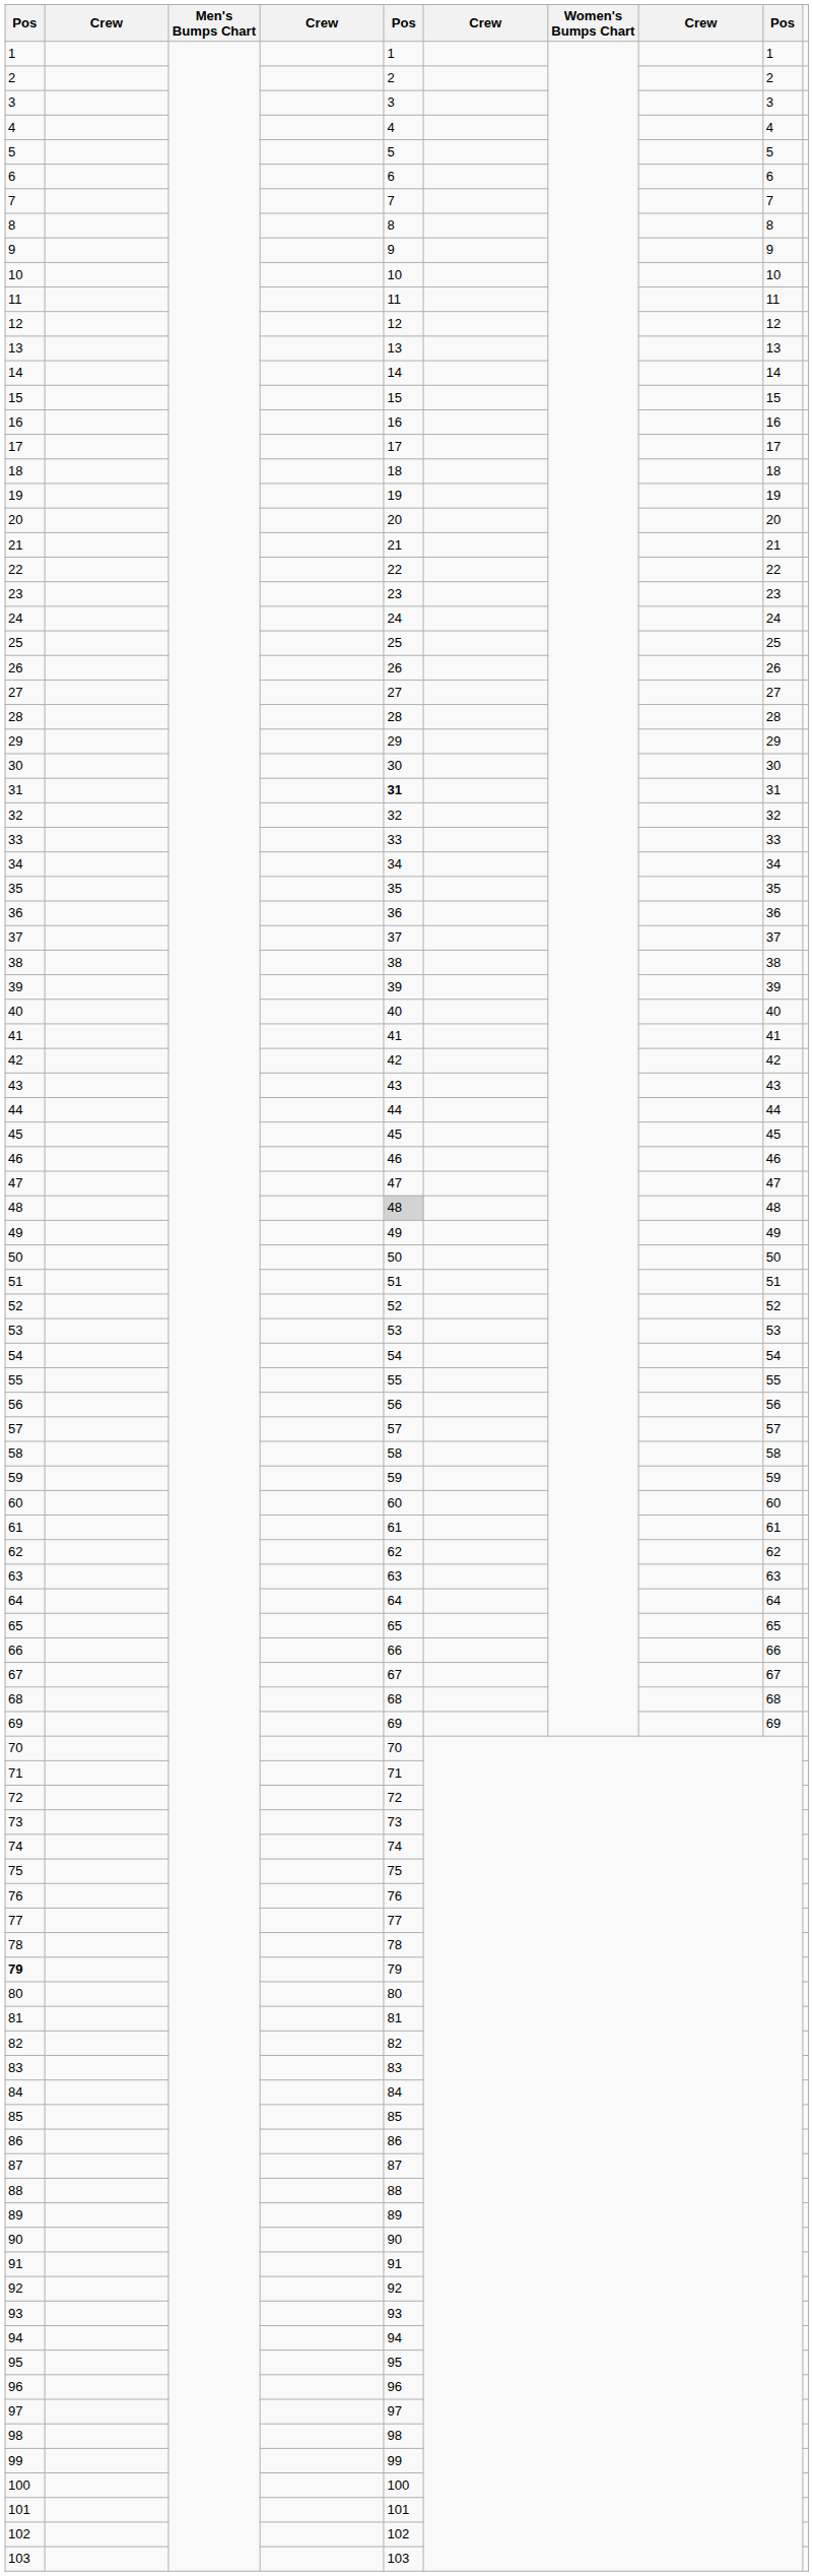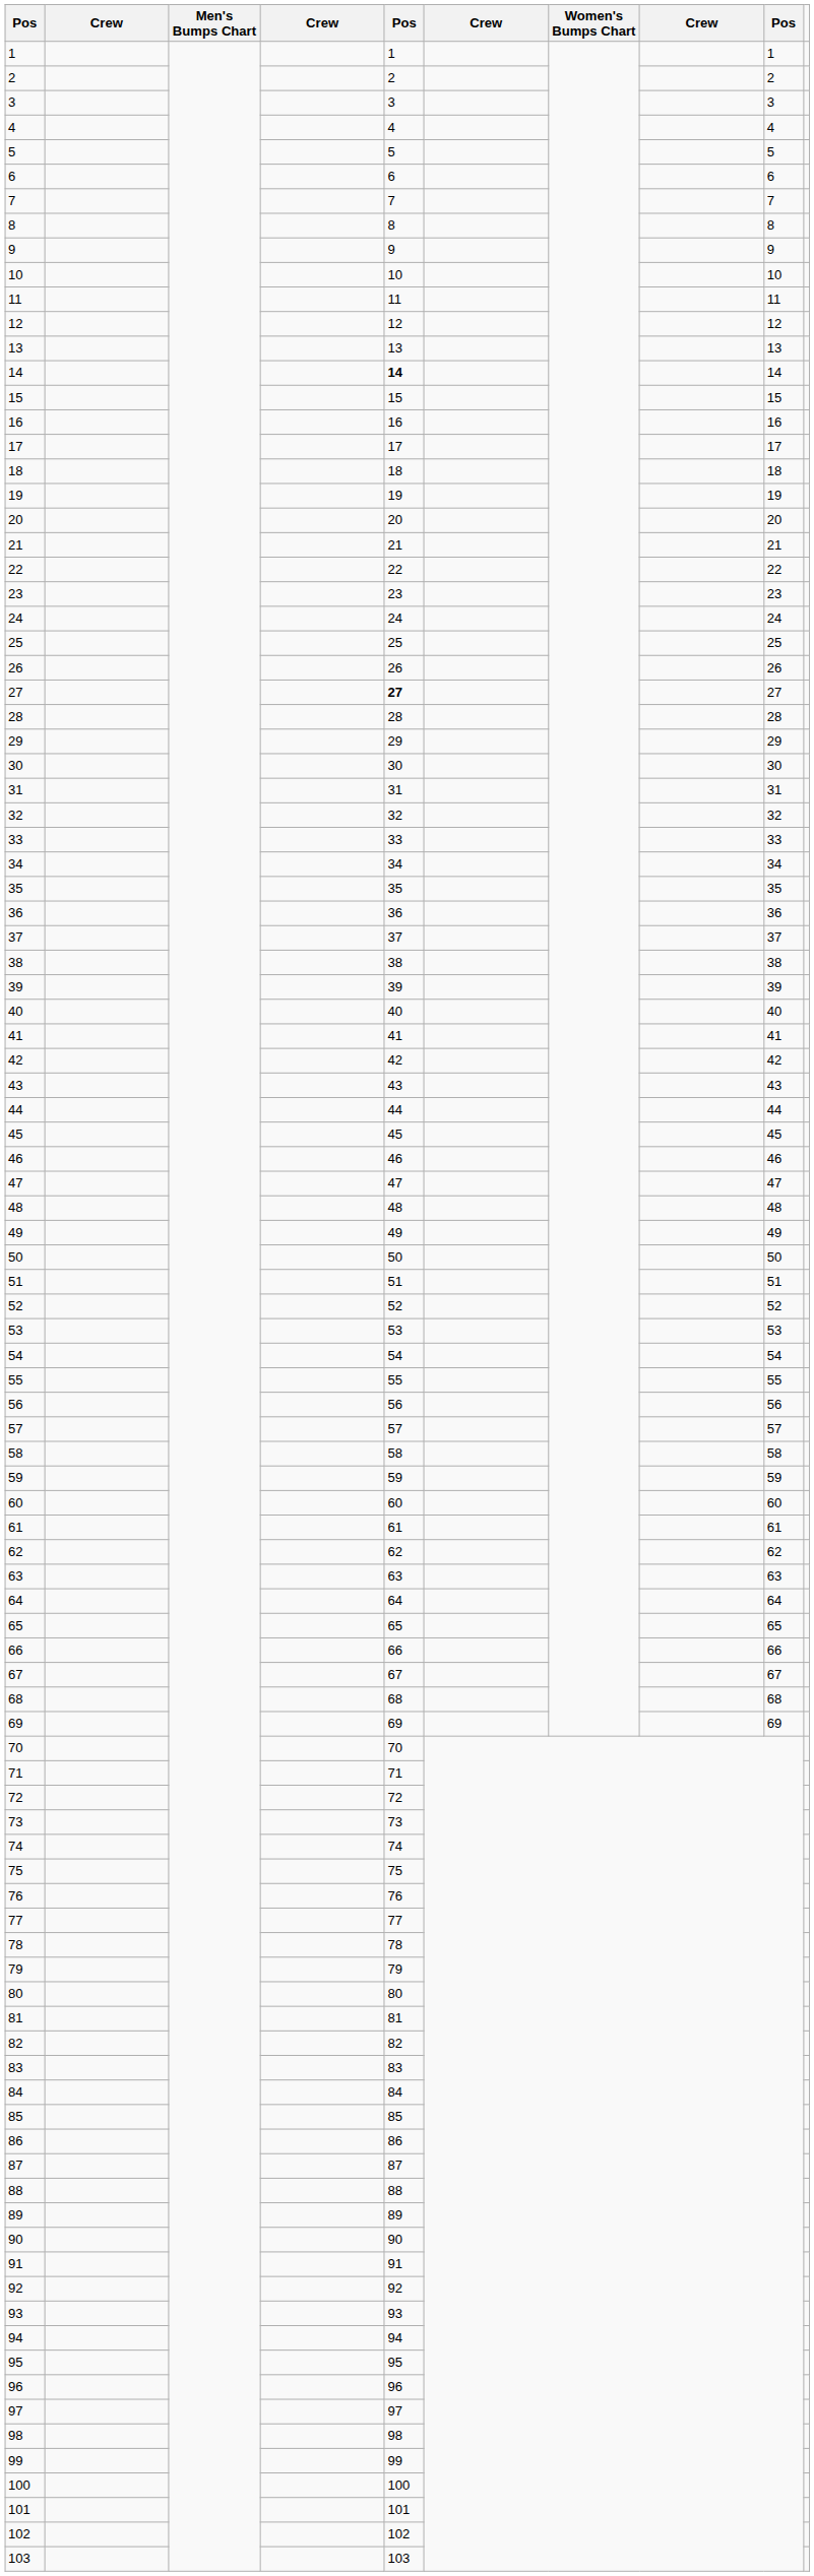 <table class="wikitable" style="font-size:88%; white-space:nowrap; margin:0.5em auto">
 <tr style="white-space:normal">
 <th width=35>Pos</th>
 <th width=125>Crew</th>
 <th width=90>Men's Bumps Chart</th>
 <th width=125>Crew</th>
 <th width=35>Pos</th>
 <th width=125>Crew</th>
 <th width=90>Women's Bumps Chart</th>
 <th width=125>Crew</th>
 <th width=35>Pos</th>
 </tr>
 <tr style="height:26px">
 <td>1</td>
 <td></td>
 <td rowspan="103"><br></td>
 <td></td>
 <td>1</td>
 <td></td>
 <td rowspan="69"><br></td>
 <td></td>
 <td>1</td>
 <td></td>
 </tr>
 <tr style="height:26px">
 <td>2</td>
 <td></td>
 <td></td>
 <td>2</td>
 <td></td>
 <td></td>
 <td>2</td>
 <td></td>
 </tr>
 <tr style="height:26px">
 <td>3</td>
 <td></td>
 <td></td>
 <td>3</td>
 <td></td>
 <td></td>
 <td>3</td>
 <td></td>
 </tr>
 <tr style="height:26px">
 <td>4</td>
 <td></td>
 <td></td>
 <td>4</td>
 <td></td>
 <td></td>
 <td>4</td>
 <td></td>
 </tr>
 <tr style="height:26px">
 <td>5</td>
 <td></td>
 <td></td>
 <td>5</td>
 <td></td>
 <td></td>
 <td>5</td>
 <td></td>
 </tr>
 <tr style="height:26px">
 <td>6</td>
 <td></td>
 <td></td>
 <td>6</td>
 <td></td>
 <td></td>
 <td>6</td>
 <td></td>
 </tr>
 <tr style="height:26px">
 <td>7</td>
 <td></td>
 <td></td>
 <td>7</td>
 <td></td>
 <td></td>
 <td>7</td>
 <td></td>
 </tr>
 <tr style="height:26px">
 <td>8</td>
 <td></td>
 <td></td>
 <td>8</td>
 <td></td>
 <td></td>
 <td>8</td>
 <td></td>
 </tr>
 <tr style="height:26px">
 <td>9</td>
 <td></td>
 <td></td>
 <td>9</td>
 <td></td>
 <td></td>
 <td>9</td>
 <td></td>
 </tr>
 <tr style="height:26px">
 <td>10</td>
 <td></td>
 <td></td>
 <td>10</td>
 <td></td>
 <td></td>
 <td>10</td>
 <td></td>
 </tr>
 <tr style="height:26px">
 <td>11</td>
 <td></td>
 <td></td>
 <td>11</td>
 <td></td>
 <td></td>
 <td>11</td>
 <td></td>
 </tr>
 <tr style="height:26px">
 <td>12</td>
 <td></td>
 <td></td>
 <td>12</td>
 <td></td>
 <td></td>
 <td>12</td>
 <td></td>
 </tr>
 <tr style="height:26px">
 <td>13</td>
 <td></td>
 <td></td>
 <td>13</td>
 <td></td>
 <td></td>
 <td>13</td>
 <td></td>
 </tr>
 <tr style="height:26px">
 <td>14</td>
 <td></td>
 <td></td>
-<td>14</td>
+<td><strong>14</strong></td>
 <td></td>
 <td></td>
 <td>14</td>
 <td></td>
 </tr>
 <tr style="height:26px">
 <td>15</td>
 <td></td>
 <td></td>
 <td>15</td>
 <td></td>
 <td></td>
 <td>15</td>
 <td></td>
 </tr>
 <tr style="height:26px">
 <td>16</td>
 <td></td>
 <td></td>
 <td>16</td>
 <td></td>
 <td></td>
 <td>16</td>
 <td></td>
 </tr>
 <tr style="height:26px">
 <td>17</td>
 <td></td>
 <td></td>
 <td>17</td>
 <td></td>
 <td></td>
 <td>17</td>
 <td></td>
 </tr>
 <tr style="height:26px">
 <td>18</td>
 <td></td>
 <td></td>
 <td>18</td>
 <td></td>
 <td></td>
 <td>18</td>
 <td></td>
 </tr>
 <tr style="height:26px">
 <td>19</td>
 <td></td>
 <td></td>
 <td>19</td>
 <td></td>
 <td></td>
 <td>19</td>
 <td></td>
 </tr>
 <tr style="height:26px">
 <td>20</td>
 <td></td>
 <td></td>
 <td>20</td>
 <td></td>
 <td></td>
 <td>20</td>
 <td></td>
 </tr>
 <tr style="height:26px">
 <td>21</td>
 <td></td>
 <td></td>
 <td>21</td>
 <td></td>
 <td></td>
 <td>21</td>
 <td></td>
 </tr>
 <tr style="height:26px">
 <td>22</td>
 <td></td>
 <td></td>
 <td>22</td>
 <td></td>
 <td></td>
 <td>22</td>
 <td></td>
 </tr>
 <tr style="height:26px">
 <td>23</td>
 <td></td>
 <td></td>
 <td>23</td>
 <td></td>
 <td></td>
 <td>23</td>
 <td></td>
 </tr>
 <tr style="height:26px">
 <td>24</td>
 <td></td>
 <td></td>
 <td>24</td>
 <td></td>
 <td></td>
 <td>24</td>
 <td></td>
 </tr>
 <tr style="height:26px">
 <td>25</td>
 <td></td>
 <td></td>
 <td>25</td>
 <td></td>
 <td></td>
 <td>25</td>
 <td></td>
 </tr>
 <tr style="height:26px">
 <td>26</td>
 <td></td>
 <td></td>
 <td>26</td>
 <td></td>
 <td></td>
 <td>26</td>
 <td></td>
 </tr>
 <tr style="height:26px">
 <td>27</td>
 <td></td>
 <td></td>
-<td>27</td>
+<td><strong>27</strong></td>
 <td></td>
 <td></td>
 <td>27</td>
 <td></td>
 </tr>
 <tr style="height:26px">
 <td>28</td>
 <td></td>
 <td></td>
 <td>28</td>
 <td></td>
 <td></td>
 <td>28</td>
 <td></td>
 </tr>
 <tr style="height:26px">
 <td>29</td>
 <td></td>
 <td></td>
 <td>29</td>
 <td></td>
 <td></td>
 <td>29</td>
 <td></td>
 </tr>
 <tr style="height:26px">
 <td>30</td>
 <td></td>
 <td></td>
 <td>30</td>
 <td></td>
 <td></td>
 <td>30</td>
 <td></td>
 </tr>
 <tr style="height:26px">
 <td>31</td>
 <td></td>
 <td></td>
-<td><strong>31</strong></td>
+<td>31</td>
 <td></td>
 <td></td>
 <td>31</td>
 <td></td>
 </tr>
 <tr style="height:26px">
 <td>32</td>
 <td></td>
 <td></td>
 <td>32</td>
 <td></td>
 <td></td>
 <td>32</td>
 <td></td>
 </tr>
 <tr style="height:26px">
 <td>33</td>
 <td></td>
 <td></td>
 <td>33</td>
 <td></td>
 <td></td>
 <td>33</td>
 <td></td>
 </tr>
 <tr style="height:26px">
 <td>34</td>
 <td></td>
 <td></td>
 <td>34</td>
 <td></td>
 <td></td>
 <td>34</td>
 <td></td>
 </tr>
 <tr style="height:26px">
 <td>35</td>
 <td></td>
 <td></td>
 <td>35</td>
 <td></td>
 <td></td>
 <td>35</td>
 <td></td>
 </tr>
 <tr style="height:26px">
 <td>36</td>
 <td></td>
 <td></td>
 <td>36</td>
 <td></td>
 <td></td>
 <td>36</td>
 <td></td>
 </tr>
 <tr style="height:26px">
 <td>37</td>
 <td></td>
 <td></td>
 <td>37</td>
 <td></td>
 <td></td>
 <td>37</td>
 <td></td>
 </tr>
 <tr style="height:26px">
 <td>38</td>
 <td></td>
 <td></td>
 <td>38</td>
 <td></td>
 <td></td>
 <td>38</td>
 <td></td>
 </tr>
 <tr style="height:26px">
 <td>39</td>
 <td></td>
 <td></td>
 <td>39</td>
 <td></td>
 <td></td>
 <td>39</td>
 <td></td>
 </tr>
 <tr style="height:26px">
 <td>40</td>
 <td></td>
 <td></td>
 <td>40</td>
 <td></td>
 <td></td>
 <td>40</td>
 <td></td>
 </tr>
 <tr style="height:26px">
 <td>41</td>
 <td></td>
 <td></td>
 <td>41</td>
 <td></td>
 <td></td>
 <td>41</td>
 <td></td>
 </tr>
 <tr style="height:26px">
 <td>42</td>
 <td></td>
 <td></td>
 <td>42</td>
 <td></td>
 <td></td>
 <td>42</td>
 <td></td>
 </tr>
 <tr style="height:26px">
 <td>43</td>
 <td></td>
 <td></td>
 <td>43</td>
 <td></td>
 <td></td>
 <td>43</td>
 <td></td>
 </tr>
 <tr style="height:26px">
 <td>44</td>
 <td></td>
 <td></td>
 <td>44</td>
 <td></td>
 <td></td>
 <td>44</td>
 <td></td>
 </tr>
 <tr style="height:26px">
 <td>45</td>
 <td></td>
 <td></td>
 <td>45</td>
 <td></td>
 <td></td>
 <td>45</td>
 <td></td>
 </tr>
 <tr style="height:26px">
 <td>46</td>
 <td></td>
 <td></td>
 <td>46</td>
 <td></td>
 <td></td>
 <td>46</td>
 <td></td>
 </tr>
 <tr style="height:26px">
 <td>47</td>
 <td></td>
 <td></td>
 <td>47</td>
 <td></td>
 <td></td>
 <td>47</td>
 <td></td>
 </tr>
 <tr style="height:26px">
 <td>48</td>
 <td></td>
 <td></td>
-<td style="background: lightgrey;">48</td>
+<td>48</td>
 <td></td>
 <td></td>
 <td>48</td>
 <td></td>
 </tr>
 <tr style="height:26px">
 <td>49</td>
 <td></td>
 <td></td>
 <td>49</td>
 <td></td>
 <td></td>
 <td>49</td>
 <td></td>
 </tr>
 <tr style="height:26px">
 <td>50</td>
 <td></td>
 <td></td>
 <td>50</td>
 <td></td>
 <td></td>
 <td>50</td>
 <td></td>
 </tr>
 <tr style="height:26px">
 <td>51</td>
 <td></td>
 <td></td>
 <td>51</td>
 <td></td>
 <td></td>
 <td>51</td>
 <td></td>
 </tr>
 <tr style="height:26px">
 <td>52</td>
 <td></td>
 <td></td>
 <td>52</td>
 <td></td>
 <td></td>
 <td>52</td>
 <td></td>
 </tr>
 <tr style="height:26px">
 <td>53</td>
 <td></td>
 <td></td>
 <td>53</td>
 <td></td>
 <td></td>
 <td>53</td>
 <td></td>
 </tr>
 <tr style="height:26px">
 <td>54</td>
 <td></td>
 <td></td>
 <td>54</td>
 <td></td>
 <td></td>
 <td>54</td>
 <td></td>
 </tr>
 <tr style="height:26px">
 <td>55</td>
 <td></td>
 <td></td>
 <td>55</td>
 <td></td>
 <td></td>
 <td>55</td>
 <td></td>
 </tr>
 <tr style="height:26px">
 <td>56</td>
 <td></td>
 <td></td>
 <td>56</td>
 <td></td>
 <td></td>
 <td>56</td>
 <td></td>
 </tr>
 <tr style="height:26px">
 <td>57</td>
 <td></td>
 <td></td>
 <td>57</td>
 <td></td>
 <td></td>
 <td>57</td>
 <td></td>
 </tr>
 <tr style="height:26px">
 <td>58</td>
 <td></td>
 <td></td>
 <td>58</td>
 <td></td>
 <td></td>
 <td>58</td>
 <td></td>
 </tr>
 <tr style="height:26px">
 <td>59</td>
 <td></td>
 <td></td>
 <td>59</td>
 <td></td>
 <td></td>
 <td>59</td>
 <td></td>
 </tr>
 <tr style="height:26px">
 <td>60</td>
 <td></td>
 <td></td>
 <td>60</td>
 <td></td>
 <td></td>
 <td>60</td>
 <td></td>
 </tr>
 <tr style="height:26px">
 <td>61</td>
 <td></td>
 <td></td>
 <td>61</td>
 <td></td>
 <td></td>
 <td>61</td>
 <td></td>
 </tr>
 <tr style="height:26px">
 <td>62</td>
 <td></td>
 <td></td>
 <td>62</td>
 <td></td>
 <td></td>
 <td>62</td>
 <td></td>
 </tr>
 <tr style="height:26px">
 <td>63</td>
 <td></td>
 <td></td>
 <td>63</td>
 <td></td>
 <td></td>
 <td>63</td>
 <td></td>
 </tr>
 <tr style="height:26px">
 <td>64</td>
 <td></td>
 <td></td>
 <td>64</td>
 <td></td>
 <td></td>
 <td>64</td>
 <td></td>
 </tr>
 <tr style="height:26px">
 <td>65</td>
 <td></td>
 <td></td>
 <td>65</td>
 <td></td>
 <td></td>
 <td>65</td>
 <td></td>
 </tr>
 <tr style="height:26px">
 <td>66</td>
 <td></td>
 <td></td>
 <td>66</td>
 <td></td>
 <td></td>
 <td>66</td>
 <td></td>
 </tr>
 <tr style="height:26px">
 <td>67</td>
 <td></td>
 <td></td>
 <td>67</td>
 <td></td>
 <td></td>
 <td>67</td>
 <td></td>
 </tr>
 <tr style="height:26px">
 <td>68</td>
 <td></td>
 <td></td>
 <td>68</td>
 <td></td>
 <td></td>
 <td>68</td>
 <td></td>
 </tr>
 <tr style="height:26px">
 <td>69</td>
 <td></td>
 <td></td>
 <td>69</td>
 <td></td>
 <td></td>
 <td>69</td>
 <td></td>
 </tr>
 <tr style="height:26px">
 <td>70</td>
 <td></td>
 <td></td>
 <td>70</td>
 <td colspan="4" rowspan="34"> </td>
 <td></td>
 </tr>
 <tr style="height:26px">
 <td>71</td>
 <td></td>
 <td></td>
 <td>71</td>
 <td></td>
 </tr>
 <tr style="height:26px">
 <td>72</td>
 <td></td>
 <td></td>
 <td>72</td>
 <td></td>
 </tr>
 <tr style="height:26px">
 <td>73</td>
 <td></td>
 <td></td>
 <td>73</td>
 <td></td>
 </tr>
 <tr style="height:26px">
 <td>74</td>
 <td></td>
 <td></td>
 <td>74</td>
 <td></td>
 </tr>
 <tr style="height:26px">
 <td>75</td>
 <td></td>
 <td></td>
 <td>75</td>
 <td></td>
 </tr>
 <tr style="height:26px">
 <td>76</td>
 <td></td>
 <td></td>
 <td>76</td>
 <td></td>
 </tr>
 <tr style="height:26px">
 <td>77</td>
 <td></td>
 <td></td>
 <td>77</td>
 <td></td>
 </tr>
 <tr style="height:26px">
 <td>78</td>
 <td></td>
 <td></td>
 <td>78</td>
 <td></td>
 </tr>
 <tr style="height:26px">
-<td><strong>79</strong></td>
+<td>79</td>
 <td></td>
 <td></td>
 <td>79</td>
 <td></td>
 </tr>
 <tr style="height:26px">
 <td>80</td>
 <td></td>
 <td></td>
 <td>80</td>
 <td></td>
 </tr>
 <tr style="height:26px">
 <td>81</td>
 <td></td>
 <td></td>
 <td>81</td>
 <td></td>
 </tr>
 <tr style="height:26px">
 <td>82</td>
 <td></td>
 <td></td>
 <td>82</td>
 <td></td>
 </tr>
 <tr style="height:26px">
 <td>83</td>
 <td></td>
 <td></td>
 <td>83</td>
 <td></td>
 </tr>
 <tr style="height:26px">
 <td>84</td>
 <td></td>
 <td></td>
 <td>84</td>
 <td></td>
 </tr>
 <tr style="height:26px">
 <td>85</td>
 <td></td>
 <td></td>
 <td>85</td>
 <td></td>
 </tr>
 <tr style="height:26px">
 <td>86</td>
 <td></td>
 <td></td>
 <td>86</td>
 <td></td>
 </tr>
 <tr style="height:26px">
 <td>87</td>
 <td></td>
 <td></td>
 <td>87</td>
 <td></td>
 </tr>
 <tr style="height:26px">
 <td>88</td>
 <td></td>
 <td></td>
 <td>88</td>
 <td></td>
 </tr>
 <tr style="height:26px">
 <td>89</td>
 <td></td>
 <td></td>
 <td>89</td>
 <td></td>
 </tr>
 <tr style="height:26px">
 <td>90</td>
 <td></td>
 <td></td>
 <td>90</td>
 <td></td>
 </tr>
 <tr style="height:26px">
 <td>91</td>
 <td></td>
 <td></td>
 <td>91</td>
 <td></td>
 </tr>
 <tr style="height:26px">
 <td>92</td>
 <td></td>
 <td></td>
 <td>92</td>
 <td></td>
 </tr>
 <tr style="height:26px">
 <td>93</td>
 <td></td>
 <td></td>
 <td>93</td>
 <td></td>
 </tr>
 <tr style="height:26px">
 <td>94</td>
 <td></td>
 <td></td>
 <td>94</td>
 <td></td>
 </tr>
 <tr style="height:26px">
 <td>95</td>
 <td></td>
 <td></td>
 <td>95</td>
 <td></td>
 </tr>
 <tr style="height:26px">
 <td>96</td>
 <td></td>
 <td></td>
 <td>96</td>
 <td></td>
 </tr>
 <tr style="height:26px">
 <td>97</td>
 <td></td>
 <td></td>
 <td>97</td>
 <td></td>
 </tr>
 <tr style="height:26px">
 <td>98</td>
 <td></td>
 <td></td>
 <td>98</td>
 <td></td>
 </tr>
 <tr style="height:26px">
 <td>99</td>
 <td></td>
 <td></td>
 <td>99</td>
 <td></td>
 </tr>
 <tr style="height:26px">
 <td>100</td>
 <td></td>
 <td></td>
 <td>100</td>
 <td></td>
 </tr>
 <tr style="height:26px">
 <td>101</td>
 <td></td>
 <td></td>
 <td>101</td>
 <td></td>
 </tr>
 <tr style="height:26px">
 <td>102</td>
 <td></td>
 <td></td>
 <td>102</td>
 <td></td>
 </tr>
 <tr style="height:26px">
 <td>103</td>
 <td></td>
 <td></td>
 <td>103</td>
 <td></td>
 </tr>
 </table>
